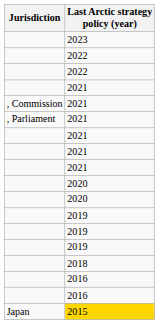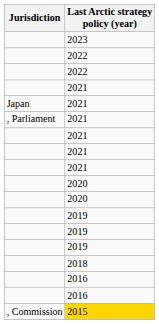 <table class="wikitable">
 <tr>
 <th>Jurisdiction</th>
 <th>Last Arctic strategy<br>policy (year)</th>
 </tr>
 <tr>
 <td></td>
 <td>2023</td>
 </tr>
 <tr>
 <td></td>
 <td>2022</td>
 </tr>
 <tr>
 <td></td>
 <td>2022</td>
 </tr>
 <tr>
 <td></td>
 <td>2021</td>
 </tr>
 <tr>
-<td>, Commission</td>
+<td>Japan</td>
 <td>2021</td>
 </tr>
 <tr>
 <td>, Parliament</td>
 <td>2021</td>
 </tr>
 <tr>
 <td></td>
 <td>2021</td>
 </tr>
 <tr>
 <td></td>
 <td>2021</td>
 </tr>
 <tr>
 <td></td>
 <td>2021</td>
 </tr>
 <tr>
 <td></td>
 <td>2020</td>
 </tr>
 <tr>
 <td></td>
 <td>2020</td>
 </tr>
 <tr>
 <td></td>
 <td>2019</td>
 </tr>
 <tr>
 <td></td>
 <td>2019</td>
 </tr>
 <tr>
 <td></td>
 <td>2019</td>
 </tr>
 <tr>
 <td></td>
 <td>2018</td>
 </tr>
 <tr>
 <td></td>
 <td>2016</td>
 </tr>
 <tr>
 <td></td>
 <td>2016</td>
 </tr>
 <tr>
-<td>Japan</td>
+<td>, Commission</td>
 <td style="background: gold;">2015</td>
 </tr>
 </table>
